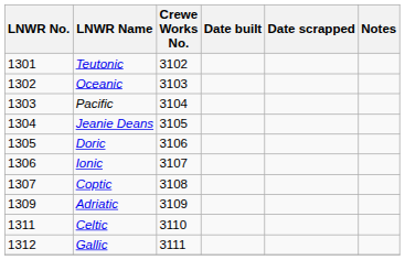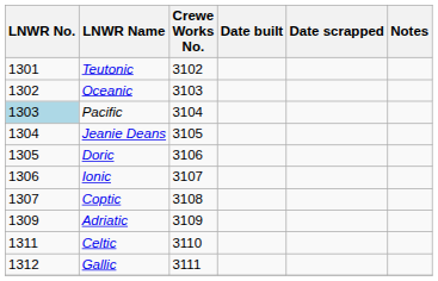 <table class="wikitable sortable collapsible collapsed">
 <tr>
 <th>LNWR No.</th>
 <th>LNWR Name</th>
 <th>Crewe<br>Works<br>No.</th>
 <th>Date built</th>
 <th>Date scrapped</th>
 <th>Notes</th>
 </tr>
 <tr>
 <td>1301</td>
 <td><em><a href='#'>Teutonic</a></em></td>
 <td>3102</td>
 <td align=right></td>
 <td align=right></td>
 <td></td>
 </tr>
 <tr>
 <td>1302</td>
 <td><em><a href='#'>Oceanic</a></em></td>
 <td>3103</td>
 <td align=right></td>
 <td align=right></td>
 <td></td>
 </tr>
 <tr>
-<td>1303</td>
+<td style="background: lightblue;">1303</td>
 <td><em>Pacific</em></td>
 <td>3104</td>
 <td align=right></td>
 <td align=right></td>
 <td></td>
 </tr>
 <tr>
 <td>1304</td>
 <td><em><a href='#'>Jeanie Deans</a></em></td>
 <td>3105</td>
 <td align=right></td>
 <td align=right></td>
 <td></td>
 </tr>
 <tr>
 <td>1305</td>
 <td><em><a href='#'>Doric</a></em></td>
 <td>3106</td>
 <td align=right></td>
 <td align=right></td>
 <td></td>
 </tr>
 <tr>
 <td>1306</td>
 <td><em><a href='#'>Ionic</a></em></td>
 <td>3107</td>
 <td align=right></td>
 <td align=right></td>
 <td></td>
 </tr>
 <tr>
 <td>1307</td>
 <td><em><a href='#'>Coptic</a></em></td>
 <td>3108</td>
 <td align=right></td>
 <td align=right></td>
 <td></td>
 </tr>
 <tr>
 <td>1309</td>
 <td><em><a href='#'>Adriatic</a></em></td>
 <td>3109</td>
 <td align=right></td>
 <td align=right></td>
 <td></td>
 </tr>
 <tr>
 <td>1311</td>
 <td><em><a href='#'>Celtic</a></em></td>
 <td>3110</td>
 <td align=right></td>
 <td align=right></td>
 <td></td>
 </tr>
 <tr>
 <td>1312</td>
 <td><em><a href='#'>Gallic</a></em></td>
 <td>3111</td>
 <td align=right></td>
 <td align=right></td>
 <td></td>
 </tr>
 <tr>
 </tr>
 </table>
